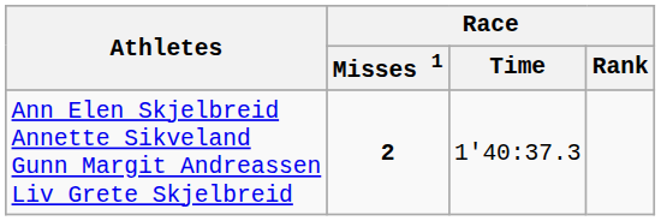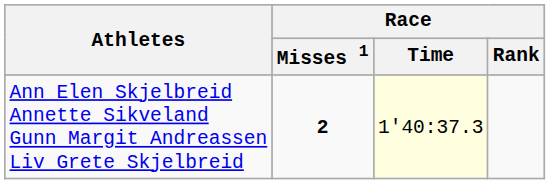 <table class="wikitable" border="1" style="font-size:90%">
 <tr>
 <th rowspan=2>Athletes</th>
 <th colspan=3>Race</th>
 </tr>
 <tr>
 <th>Misses <sup>1</sup></th>
 <th>Time</th>
 <th>Rank</th>
 </tr>
 <tr>
 <td><a href='#'>Ann Elen Skjelbreid</a><br><a href='#'>Annette Sikveland</a><br><a href='#'>Gunn Margit Andreassen</a><br><a href='#'>Liv Grete Skjelbreid</a></td>
 <td align=center><strong>2</strong></td>
-<td align=center>1'40:37.3</td>
+<td align=center style="background: lightyellow;">1'40:37.3</td>
 <td align=center></td>
 </tr>
 </table>
